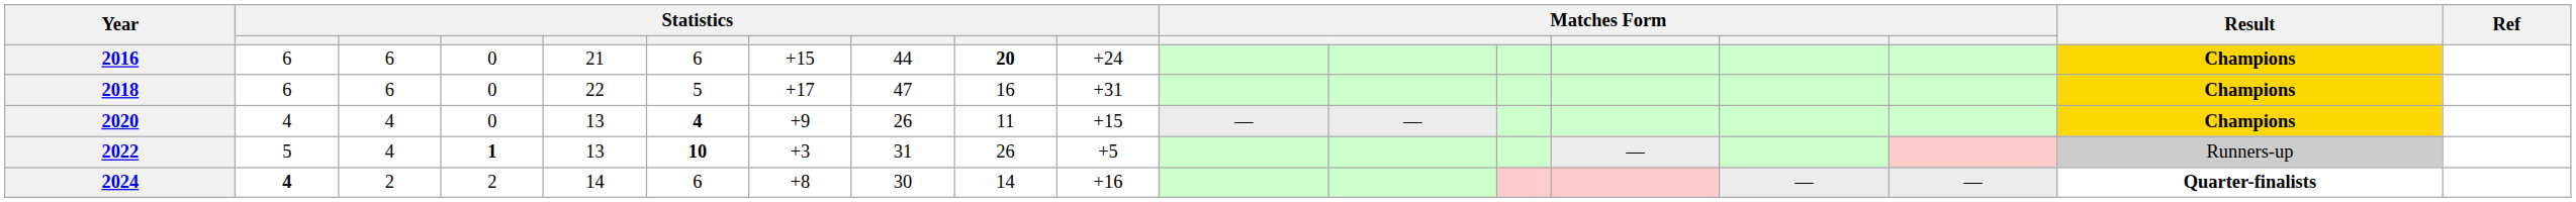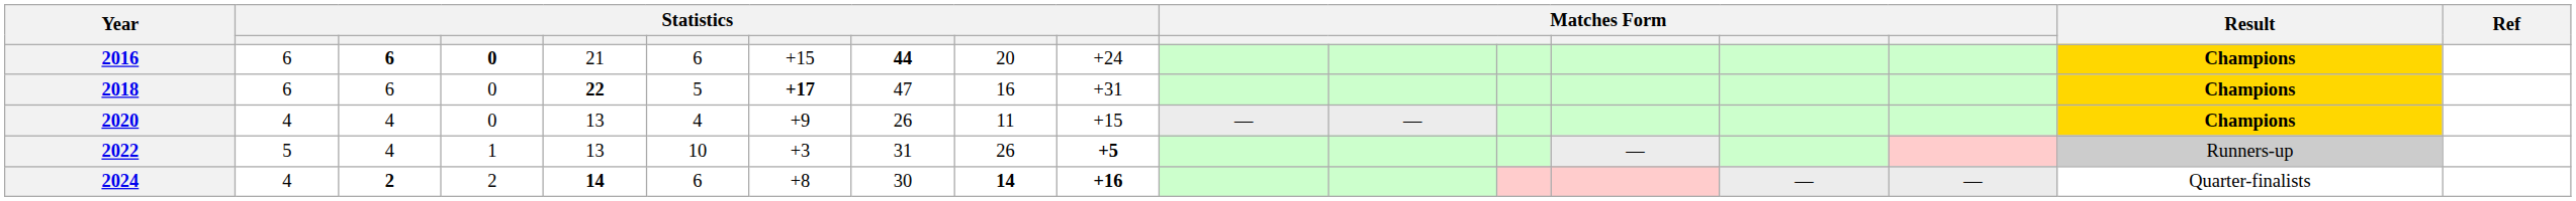 <table class="wikitable" style="text-align:center; font-size:90%; background:white;" width="100%">
 <tr>
 <th rowspan="2" width="9%">Year</th>
 <th colspan="9">Statistics</th>
 <th colspan="6" width="35%">Matches Form</th>
 <th rowspan="2" width="15%">Result</th>
 <th rowspan="2" width="5%">Ref</th>
 </tr>
 <tr>
 <th width="4%"></th>
 <th width="4%"></th>
 <th width="4%"></th>
 <th width="4%"></th>
 <th width="4%"></th>
 <th width="4%"></th>
 <th width="4%"></th>
 <th width="4%"></th>
 <th width="4%"></th>
 <th colspan="3"></th>
 <th></th>
 <th></th>
 <th></th>
 </tr>
 <tr>
 <th><a href='#'>2016</a> </th>
 <td>6</td>
-<td>6</td>
-<td>0</td>
+<td><strong>6</strong></td>
+<td><strong>0</strong></td>
 <td>21</td>
 <td>6</td>
 <td>+15</td>
-<td>44</td>
-<td><strong>20</strong></td>
+<td><strong>44</strong></td>
+<td>20</td>
 <td>+24</td>
 <td style=background:#CCFFCC><br></td>
 <td style=background:#CCFFCC><br></td>
 <td style=background:#CCFFCC><br></td>
 <td style=background:#CCFFCC><br></td>
 <td style=background:#CCFFCC><br></td>
 <td style=background:#CCFFCC><br></td>
 <td style=background:#FFD700> <strong>Champions</strong></td>
 <td></td>
 </tr>
 <tr>
 <th><a href='#'>2018</a> </th>
 <td>6</td>
 <td>6</td>
 <td>0</td>
-<td>22</td>
+<td><strong>22</strong></td>
 <td>5</td>
-<td>+17</td>
+<td><strong>+17</strong></td>
 <td>47</td>
 <td>16</td>
 <td>+31</td>
 <td style=background:#CCFFCC><br></td>
 <td style=background:#CCFFCC><br></td>
 <td style=background:#CCFFCC><br></td>
 <td style=background:#CCFFCC><br></td>
 <td style=background:#CCFFCC><br></td>
 <td style=background:#CCFFCC><br></td>
 <td style=background:#FFD700> <strong>Champions</strong></td>
 <td></td>
 </tr>
 <tr>
 <th><a href='#'>2020</a> </th>
 <td>4</td>
 <td>4</td>
 <td>0</td>
 <td>13</td>
-<td><strong>4</strong></td>
+<td>4</td>
 <td>+9</td>
 <td>26</td>
 <td>11</td>
 <td>+15</td>
 <td style=background:#ECECEC>—</td>
 <td style=background:#ECECEC>—</td>
 <td style=background:#CCFFCC><br></td>
 <td style=background:#CCFFCC><br></td>
 <td style=background:#CCFFCC><br></td>
 <td style=background:#CCFFCC><br></td>
 <td style=background:#FFD700> <strong>Champions</strong></td>
 <td></td>
 </tr>
 <tr>
 <th><a href='#'>2022</a> </th>
 <td>5</td>
 <td>4</td>
-<td><strong>1</strong></td>
+<td>1</td>
 <td>13</td>
-<td><strong>10</strong></td>
+<td>10</td>
 <td>+3</td>
 <td>31</td>
 <td>26</td>
-<td>+5</td>
+<td><strong>+5</strong></td>
 <td style=background:#CCFFCC><br></td>
 <td style=background:#CCFFCC><br></td>
 <td style=background:#CCFFCC><br></td>
 <td style=background:#ECECEC>—</td>
 <td style=background:#CCFFCC><br></td>
 <td style=background:#FFCCCC><br></td>
 <td style=background:#CCCCCC> Runners-up</td>
 <td></td>
 </tr>
 <tr>
 <th><a href='#'>2024</a> </th>
-<td><strong>4</strong></td>
+<td>4</td>
+<td><strong>2</strong></td>
 <td>2</td>
-<td>2</td>
-<td>14</td>
+<td><strong>14</strong></td>
 <td>6</td>
 <td>+8</td>
 <td>30</td>
-<td>14</td>
-<td>+16</td>
+<td><strong>14</strong></td>
+<td><strong>+16</strong></td>
 <td style=background:#CCFFCC><br></td>
 <td style=background:#CCFFCC><br></td>
 <td style=background:#FFCCCC><br></td>
 <td style=background:#FFCCCC><br></td>
 <td style=background:#ECECEC>—</td>
 <td style=background:#ECECEC>—</td>
-<td><strong>Quarter-finalists</strong></td>
+<td>Quarter-finalists</td>
 <td></td>
 </tr>
 </table>
